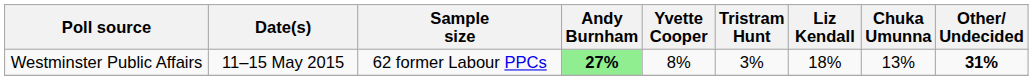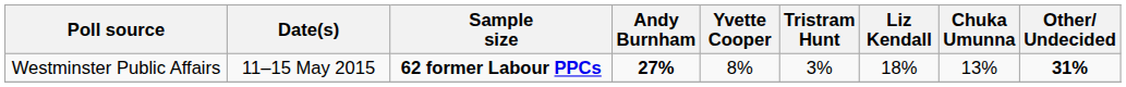 <table class="wikitable" style="text-align:center; font-size:95%">
 <tr valign= middle>
 <th style="width:180px;">Poll source</th>
 <th style="width:130px;">Date(s)</th>
 <th style="width:180px;">Sample <br>size</th>
 <th style="width:60px;">Andy<br>Burnham</th>
 <th style="width:60px;">Yvette<br>Cooper</th>
 <th style="width:60px;">Tristram<br>Hunt</th>
 <th style="width:60px;">Liz<br>Kendall</th>
 <th style="width:60px;">Chuka<br>Umunna</th>
 <th style="width:40px;">Other/<br>Undecided</th>
 </tr>
 <tr>
 <td>Westminster Public Affairs</td>
 <td style="text-align:center;">11–15 May 2015</td>
-<td style="text-align:center;">62 former Labour <a href='#'>PPCs</a></td>
-<td style="background: lightgreen;"><strong>27%</strong></td>
+<td style="text-align:center;"><strong>62 former Labour <a href='#'>PPCs</a></strong></td>
+<td><strong>27%</strong></td>
 <td align=center>8%</td>
 <td align=center>3%</td>
 <td align=center>18%</td>
 <td align=center>13%</td>
 <td><strong>31%</strong></td>
 </tr>
 <tr>
 </tr>
 </table>
